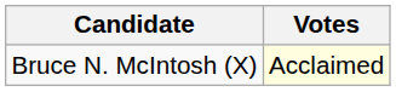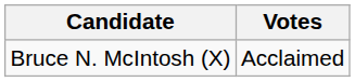 <table class="wikitable">
 <tr>
 <th>Candidate</th>
 <th>Votes</th>
 </tr>
 <tr>
 <td>Bruce N. McIntosh (X)</td>
-<td style="background: lightyellow;">Acclaimed</td>
+<td>Acclaimed</td>
 </tr>
 </table>
